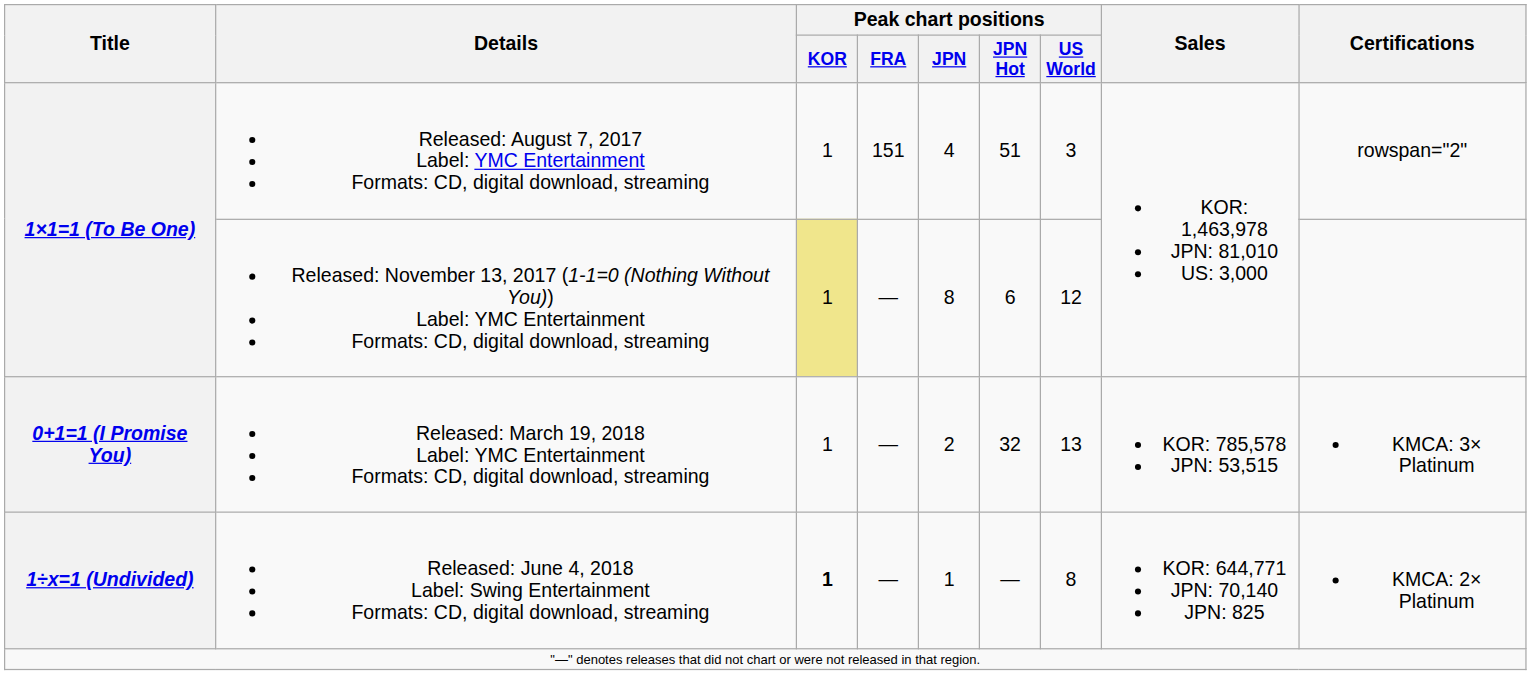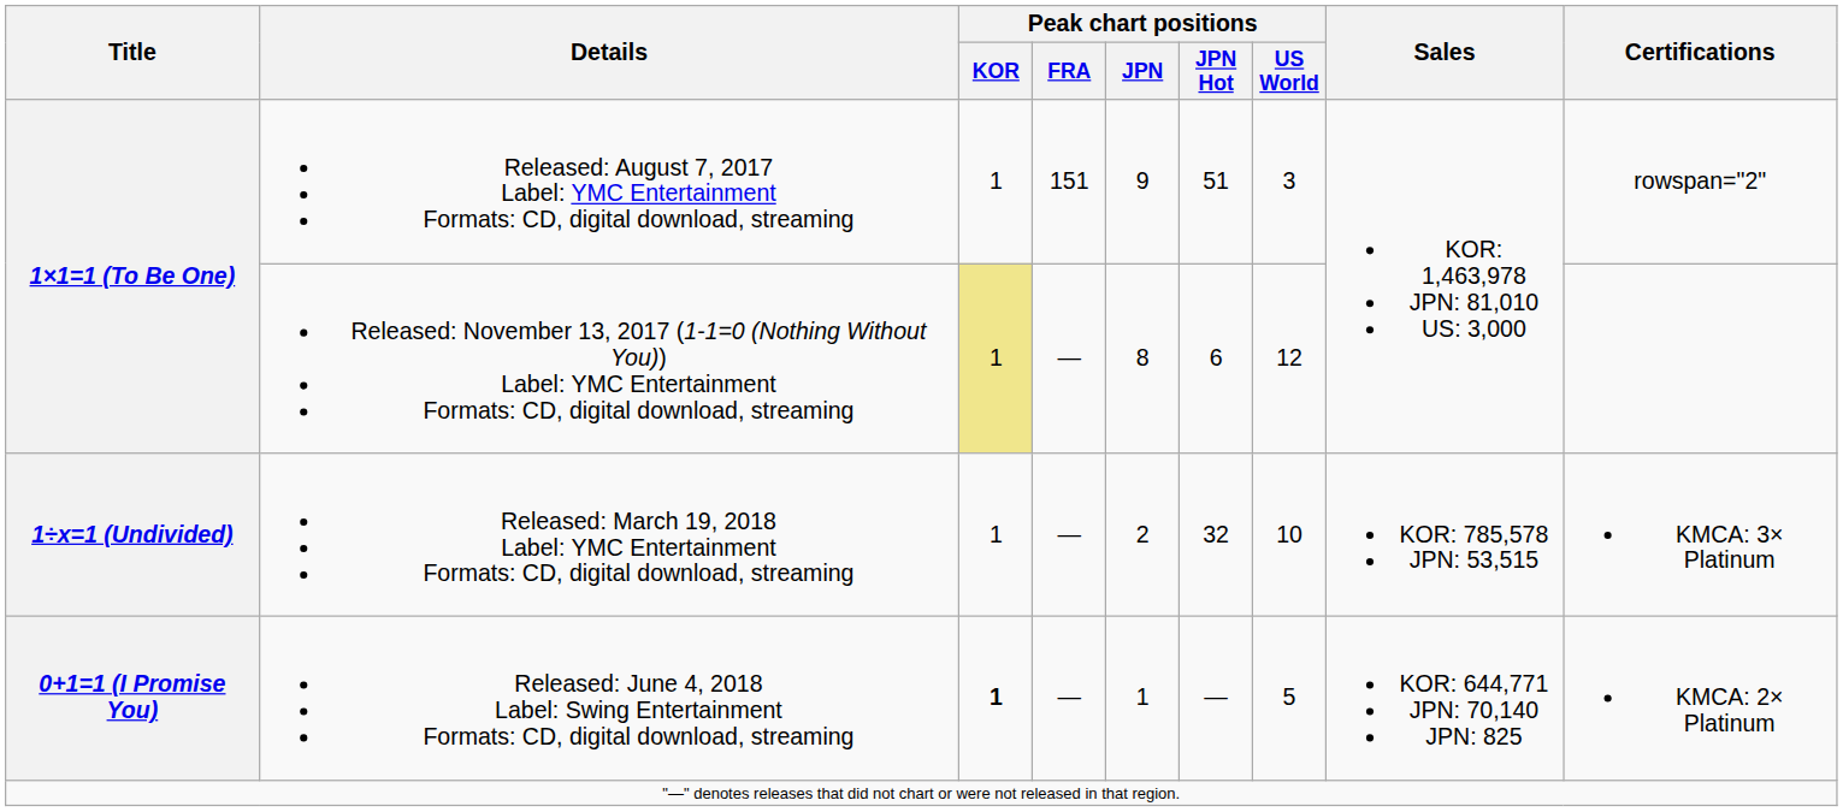 <table class="wikitable plainrowheaders" style="text-align:center;">
 <tr>
 <th scope="col" rowspan="2">Title</th>
 <th scope="col" rowspan="2">Details</th>
 <th scope="col" colspan="5">Peak chart positions</th>
 <th scope="col" rowspan="2">Sales</th>
 <th scope="col" rowspan="2">Certifications</th>
 </tr>
 <tr>
 <th scope="col" style="width:3em;font-size:90%;"><a href='#'>KOR</a><br></th>
 <th scope="col" style="width:3em;font-size:90%;"><a href='#'>FRA</a><br></th>
 <th scope="col" style="width:3em;font-size:90%;"><a href='#'>JPN</a><br></th>
 <th scope="col" style="width:3em;font-size:90%;"><a href='#'>JPN<br>Hot</a><br></th>
 <th scope="col" style="width:3em;font-size:90%;"><a href='#'>US<br>World</a><br></th>
 </tr>
 <tr>
 <th rowspan="2" scope="row"><em><a href='#'>1×1=1 (To Be One)</a></em></th>
 <td><br><ul><li>Released: August 7, 2017</li><li>Label: <a href='#'>YMC Entertainment</a></li><li>Formats: CD, digital download, streaming</li></ul></td>
 <td>1</td>
 <td>151</td>
-<td>4</td>
+<td>9</td>
 <td>51</td>
 <td>3</td>
 <td rowspan="2"><br><ul><li>KOR: 1,463,978</li><li>JPN: 81,010</li><li>US: 3,000</li></ul></td>
 <td>rowspan="2" </td>
 </tr>
 <tr>
 <td><br><ul><li>Released: November 13, 2017 (<em>1-1=0 (Nothing Without You)</em>)</li><li>Label: YMC Entertainment</li><li>Formats: CD, digital download, streaming</li></ul></td>
 <td style="background: khaki;">1</td>
 <td>—</td>
 <td>8</td>
 <td>6</td>
 <td>12</td>
 </tr>
 <tr>
-<th scope="row"><em><a href='#'>0+1=1 (I Promise You)</a></em></th>
+<th scope="row"><em><a href='#'>1÷x=1 (Undivided)</a></em></th>
 <td><br><ul><li>Released: March 19, 2018</li><li>Label: YMC Entertainment</li><li>Formats: CD, digital download, streaming</li></ul></td>
 <td>1</td>
 <td>—</td>
 <td>2</td>
 <td>32</td>
-<td>13</td>
+<td>10</td>
 <td><br><ul><li>KOR: 785,578</li><li>JPN: 53,515</li></ul></td>
 <td><br><ul><li>KMCA: 3× Platinum</li></ul></td>
 </tr>
 <tr>
-<th scope="row"><em><a href='#'>1÷x=1 (Undivided)</a></em></th>
+<th scope="row"><em><a href='#'>0+1=1 (I Promise You)</a></em></th>
 <td><br><ul><li>Released: June 4, 2018</li><li>Label: Swing Entertainment</li><li>Formats: CD, digital download, streaming</li></ul></td>
 <td><strong>1</strong></td>
 <td>—</td>
 <td>1</td>
 <td>—</td>
-<td>8</td>
+<td>5</td>
 <td><br><ul><li>KOR: 644,771</li><li>JPN: 70,140 </li><li>JPN: 825 </li></ul></td>
 <td><br><ul><li>KMCA: 2× Platinum</li></ul></td>
 </tr>
 <tr>
 <td colspan="9" style="font-size:8pt">"—" denotes releases that did not chart or were not released in that region.</td>
 </tr>
 </table>
